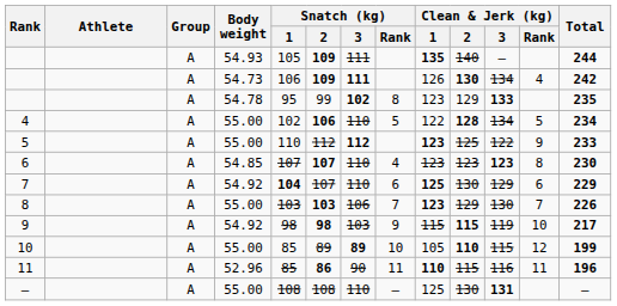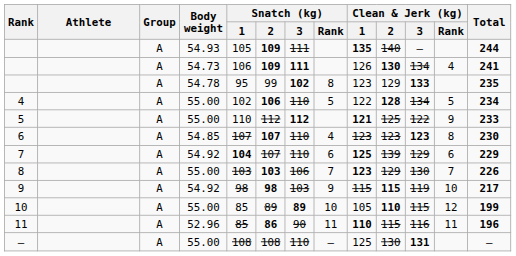 <table class = "wikitable" style="text-align:center;">
 <tr>
 <th rowspan=2 width=40>Rank</th>
 <th rowspan=2 width=250>Athlete</th>
 <th rowspan=2 width=50>Group</th>
 <th rowspan=2 width=60>Body weight</th>
 <th colspan=4>Snatch (kg)</th>
 <th colspan=4>Clean & Jerk (kg)</th>
 <th rowspan=2 width=60>Total</th>
 </tr>
 <tr>
 <th width=40>1</th>
 <th width=40>2</th>
 <th width=40>3</th>
 <th width=40>Rank</th>
 <th width=40>1</th>
 <th width=40>2</th>
 <th width=40>3</th>
 <th width=40>Rank</th>
 </tr>
 <tr>
 <td></td>
 <td align=left></td>
 <td>A</td>
 <td>54.93</td>
 <td>105</td>
 <td><strong>109</strong></td>
 <td><s>111</s></td>
 <td></td>
 <td><strong>135</strong></td>
 <td><s>140</s></td>
 <td>—</td>
 <td></td>
 <td><strong>244</strong></td>
 </tr>
 <tr>
 <td></td>
 <td align=left></td>
 <td>A</td>
 <td>54.73</td>
 <td>106</td>
 <td><strong>109</strong></td>
 <td><strong>111</strong></td>
 <td></td>
 <td>126</td>
 <td><strong>130</strong></td>
 <td><s>134</s></td>
 <td>4</td>
-<td><strong>242</strong></td>
+<td><strong>241</strong></td>
 </tr>
 <tr>
 <td></td>
 <td align=left></td>
 <td>A</td>
 <td>54.78</td>
 <td>95</td>
 <td>99</td>
 <td><strong>102</strong></td>
 <td>8</td>
 <td>123</td>
 <td>129</td>
 <td><strong>133</strong></td>
 <td></td>
 <td><strong>235</strong></td>
 </tr>
 <tr>
 <td>4</td>
 <td align=left></td>
 <td>A</td>
 <td>55.00</td>
 <td>102</td>
 <td><strong>106</strong></td>
 <td><s>110</s></td>
 <td>5</td>
 <td>122</td>
 <td><strong>128</strong></td>
 <td><s>134</s></td>
 <td>5</td>
 <td><strong>234</strong></td>
 </tr>
 <tr>
 <td>5</td>
 <td align=left></td>
 <td>A</td>
 <td>55.00</td>
 <td>110</td>
 <td><s>112</s></td>
 <td><strong>112</strong></td>
 <td></td>
-<td><strong>123</strong></td>
+<td><strong>121</strong></td>
 <td><s>125</s></td>
 <td><s>122</s></td>
 <td>9</td>
 <td><strong>233</strong></td>
 </tr>
 <tr>
 <td>6</td>
 <td align=left></td>
 <td>A</td>
 <td>54.85</td>
 <td><s>107</s></td>
 <td><strong>107</strong></td>
 <td><s>110</s></td>
 <td>4</td>
 <td><s>123</s></td>
 <td><s>123</s></td>
 <td><strong>123</strong></td>
 <td>8</td>
 <td><strong>230</strong></td>
 </tr>
 <tr>
 <td>7</td>
 <td align=left></td>
 <td>A</td>
 <td>54.92</td>
 <td><strong>104</strong></td>
 <td><s>107</s></td>
 <td><s>110</s></td>
 <td>6</td>
 <td><strong>125</strong></td>
-<td><s>130</s></td>
+<td><s>139</s></td>
 <td><s>129</s></td>
 <td>6</td>
 <td><strong>229</strong></td>
 </tr>
 <tr>
 <td>8</td>
 <td align=left></td>
 <td>A</td>
 <td>55.00</td>
 <td><s>103</s></td>
 <td><strong>103</strong></td>
 <td><s>106</s></td>
 <td>7</td>
 <td><strong>123</strong></td>
 <td><s>129</s></td>
 <td><s>130</s></td>
 <td>7</td>
 <td><strong>226</strong></td>
 </tr>
 <tr>
 <td>9</td>
 <td align=left></td>
 <td>A</td>
 <td>54.92</td>
 <td><s>98</s></td>
 <td><strong>98</strong></td>
 <td><s>103</s></td>
 <td>9</td>
 <td><s>115</s></td>
 <td><strong>115</strong></td>
 <td><s>119</s></td>
 <td>10</td>
 <td><strong>217</strong></td>
 </tr>
 <tr>
 <td>10</td>
 <td align=left></td>
 <td>A</td>
 <td>55.00</td>
 <td>85</td>
 <td><s>89</s></td>
 <td><strong>89</strong></td>
 <td>10</td>
 <td>105</td>
 <td><strong>110</strong></td>
 <td><s>115</s></td>
 <td>12</td>
 <td><strong>199</strong></td>
 </tr>
 <tr>
 <td>11</td>
 <td align=left></td>
 <td>A</td>
 <td>52.96</td>
 <td><s>85</s></td>
 <td><strong>86</strong></td>
 <td><s>90</s></td>
 <td>11</td>
 <td><strong>110</strong></td>
 <td><s>115</s></td>
 <td><s>116</s></td>
 <td>11</td>
 <td><strong>196</strong></td>
 </tr>
 <tr>
 <td>—</td>
 <td align=left></td>
 <td>A</td>
 <td>55.00</td>
 <td><s>108</s></td>
 <td><s>108</s></td>
 <td><s>110</s></td>
 <td>—</td>
 <td>125</td>
 <td><s>130</s></td>
 <td><strong>131</strong></td>
 <td></td>
 <td>—</td>
 </tr>
 </table>
